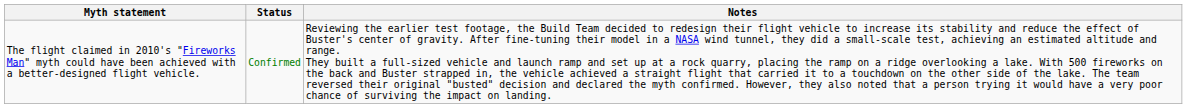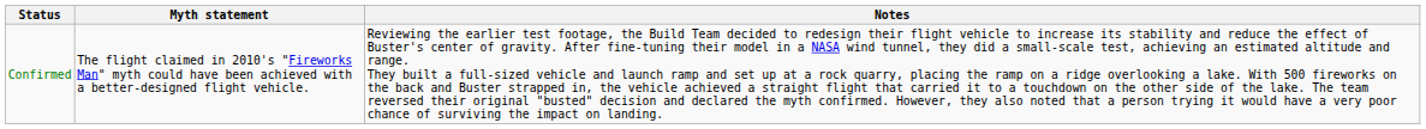 <table class="wikitable plainrowheaders">
 <tr>
+<th>Status</th>
 <th>Myth statement</th>
-<th>Status</th>
 <th>Notes</th>
 </tr>
 <tr>
+<td style="color:green">Confirmed</td>
 <td>The  flight claimed in 2010's "<a href='#'>Fireworks Man</a>" myth could have been achieved with a better-designed flight vehicle.</td>
-<td style="color:green">Confirmed</td>
 <td>Reviewing the earlier test footage, the Build Team decided to redesign their flight vehicle to increase its stability and reduce the effect of Buster's center of gravity. After fine-tuning their model in a <a href='#'>NASA</a> wind tunnel, they did a small-scale test, achieving an estimated  altitude and  range.<br>They built a full-sized vehicle and launch ramp and set up at a rock quarry, placing the ramp on a ridge overlooking a lake. With 500 fireworks on the back and Buster strapped in, the vehicle achieved a straight flight that carried it  to a touchdown on the other side of the lake. The team reversed their original "busted" decision and declared the myth confirmed. However, they also noted that a person trying it would have a very poor chance of surviving the impact on landing.</td>
 </tr>
 </table>
